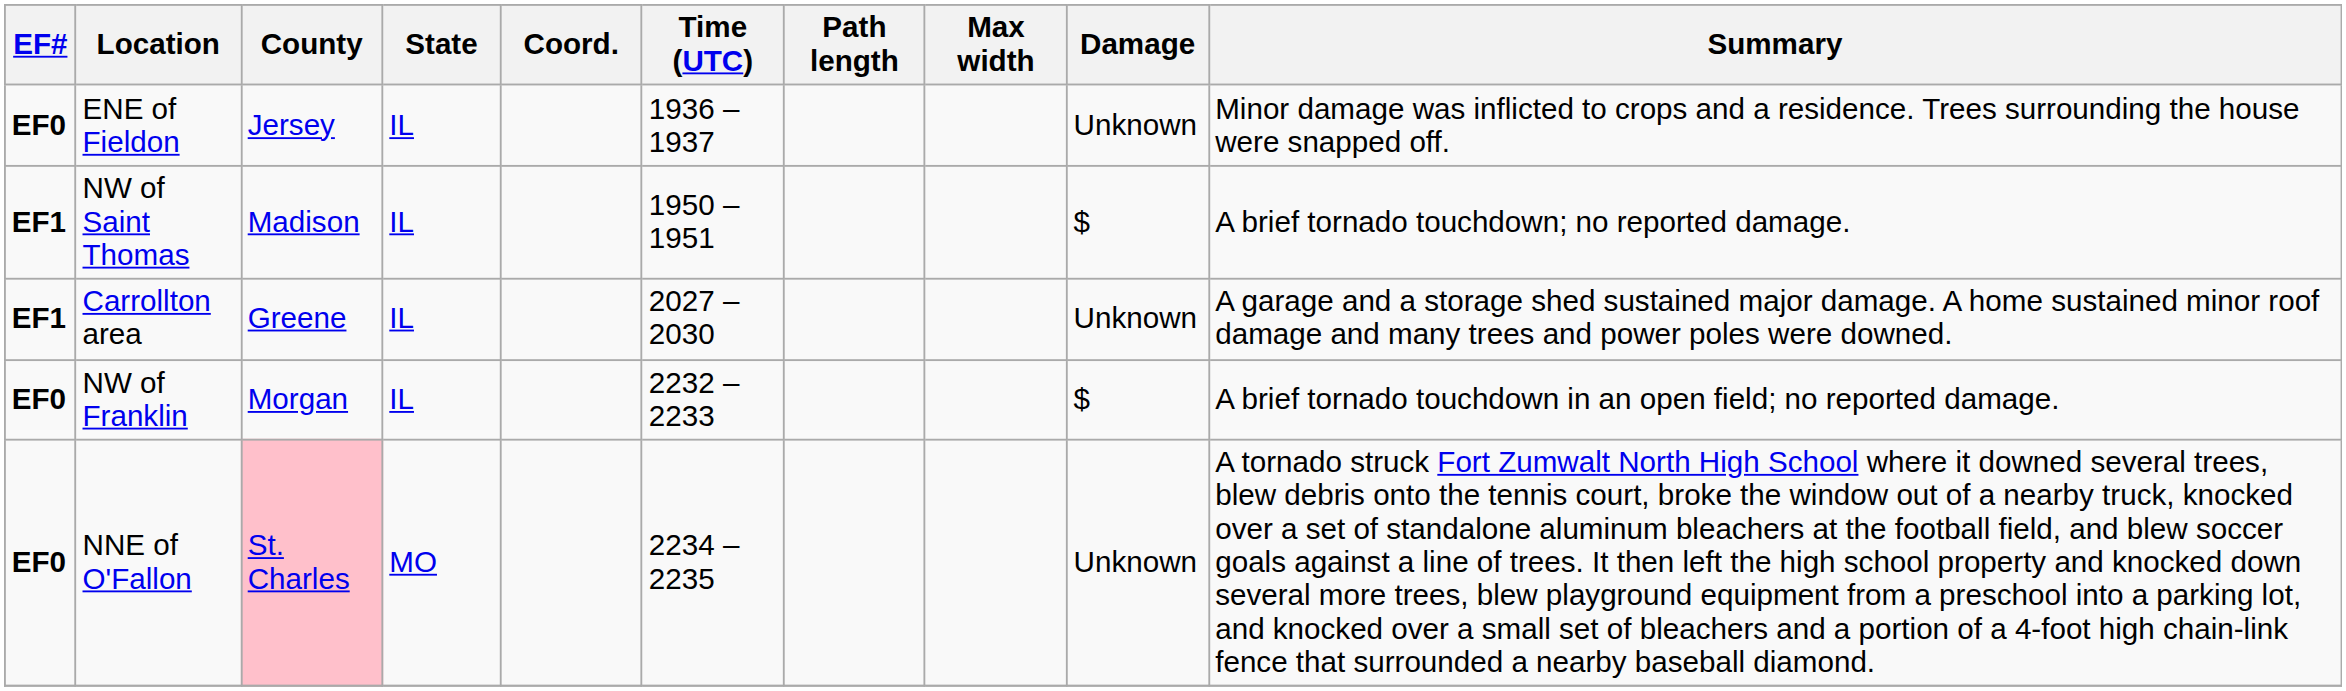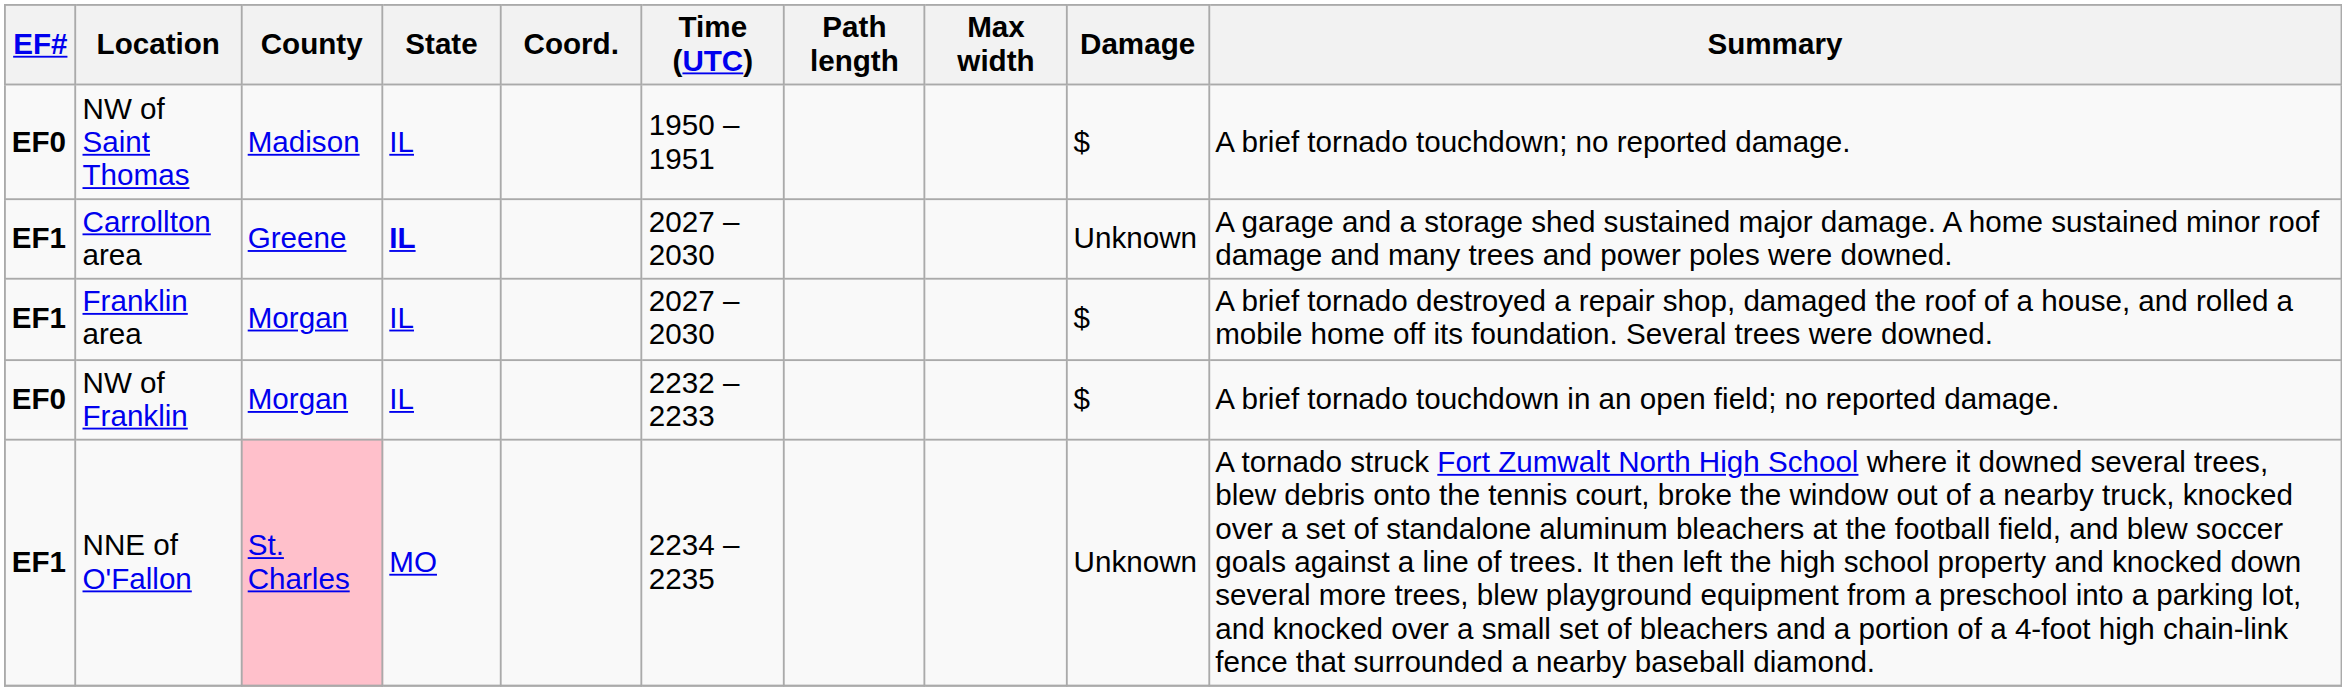 <table class="wikitable sortable" style="width:100%;">
 <tr>
 <th scope="col" width="3%" align="center"><a href='#'>EF#</a></th>
 <th scope="col" width="7%" align="center" class="unsortable">Location</th>
 <th scope="col" width="6%" align="center" class="unsortable">County</th>
 <th scope="col" width="5%" align="center">State</th>
 <th scope="col" width="6%" align="center">Coord.</th>
 <th scope="col" width="6%" align="center">Time (<a href='#'>UTC</a>)</th>
 <th scope="col" width="6%" align="center">Path length</th>
 <th scope="col" width="6%" align="center">Max width</th>
 <th scope="col" width="6%" align="center">Damage</th>
 <th scope="col" width="48%" class="unsortable" align="center">Summary</th>
 </tr>
 <tr>
 <td><strong>EF0</strong></td>
-<td>ENE of <a href='#'>Fieldon</a></td>
-<td><a href='#'>Jersey</a></td>
-<td><a href='#'>IL</a></td>
-<td></td>
-<td>1936 – 1937</td>
-<td></td>
-<td></td>
-<td>Unknown</td>
-<td>Minor damage was inflicted to crops and a residence. Trees surrounding the house were snapped off.</td>
-</tr>
-<tr>
-<td><strong>EF1</strong></td>
 <td>NW of <a href='#'>Saint Thomas</a></td>
 <td><a href='#'>Madison</a></td>
 <td><a href='#'>IL</a></td>
 <td></td>
 <td>1950 – 1951</td>
 <td></td>
 <td></td>
 <td>$</td>
 <td>A brief tornado touchdown; no reported damage.</td>
 </tr>
 <tr>
 <td><strong>EF1</strong></td>
 <td><a href='#'>Carrollton</a> area</td>
 <td><a href='#'>Greene</a></td>
-<td><a href='#'>IL</a></td>
+<td><strong><a href='#'>IL</a></strong></td>
 <td></td>
 <td>2027 – 2030</td>
 <td></td>
 <td></td>
 <td>Unknown</td>
 <td>A garage and a storage shed sustained major damage. A home sustained minor roof damage and many trees and power poles were downed.</td>
+</tr>
+<tr>
+<td><strong>EF1</strong></td>
+<td><a href='#'>Franklin</a> area</td>
+<td><a href='#'>Morgan</a></td>
+<td><a href='#'>IL</a></td>
+<td></td>
+<td>2027 – 2030</td>
+<td></td>
+<td></td>
+<td>$</td>
+<td>A brief tornado destroyed a repair shop, damaged the roof of a house, and rolled a mobile home off its foundation. Several trees were downed.</td>
 </tr>
 <tr>
 <td><strong>EF0</strong></td>
 <td>NW of <a href='#'>Franklin</a></td>
 <td><a href='#'>Morgan</a></td>
 <td><a href='#'>IL</a></td>
 <td></td>
 <td>2232 – 2233</td>
 <td></td>
 <td></td>
 <td>$</td>
 <td>A brief tornado touchdown in an open field; no reported damage.</td>
 </tr>
 <tr>
-<td><strong>EF0</strong></td>
+<td><strong>EF1</strong></td>
 <td>NNE of <a href='#'>O'Fallon</a></td>
 <td style="background: pink;"><a href='#'>St. Charles</a></td>
 <td><a href='#'>MO</a></td>
 <td></td>
 <td>2234 – 2235</td>
 <td></td>
 <td></td>
 <td>Unknown</td>
 <td>A tornado struck <a href='#'>Fort Zumwalt North High School</a> where it downed several trees, blew debris onto the tennis court, broke the window out of a nearby truck, knocked over a set of standalone aluminum bleachers at the football field, and blew soccer goals against a line of trees. It then left the high school property and knocked down several more trees, blew playground equipment from a preschool into a parking lot, and knocked over a small set of bleachers and a portion of a 4-foot high chain-link fence that surrounded a nearby baseball diamond.</td>
 </tr>
 <tr>
 </tr>
 </table>
